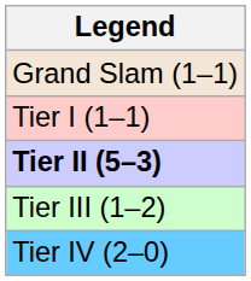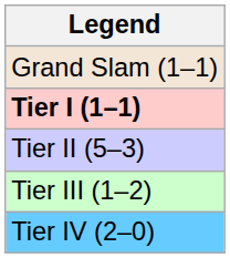 <table class="wikitable">
 <tr>
 <th>Legend</th>
 </tr>
 <tr style="background:#f3e6d7;">
 <td>Grand Slam (1–1)</td>
 </tr>
 <tr style="background:#fcc;">
-<td>Tier I (1–1)</td>
+<td><strong>Tier I (1–1)</strong></td>
 </tr>
 <tr style="background:#ccf;">
-<td><strong>Tier II (5–3)</strong></td>
+<td>Tier II (5–3)</td>
 </tr>
 <tr style="background:#cfc;">
 <td>Tier III (1–2)</td>
 </tr>
 <tr style="background:#6cf;">
 <td>Tier IV (2–0)</td>
 </tr>
 </table>
